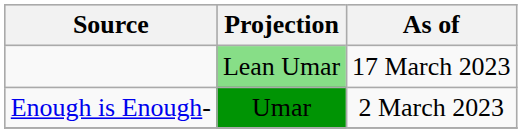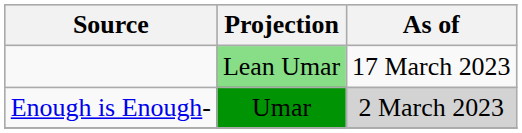 <table class="wikitable" style="text-align:center">
 <tr>
 <th>Source</th>
 <th colspan=2>Projection</th>
 <th>As of</th>
 </tr>
 <tr>
 <td align="left"></td>
 <td colspan=2 bgcolor=#87de87>Lean Umar</td>
 <td>17 March 2023</td>
 </tr>
 <tr>
 <td align="left"><a href='#'>Enough is Enough</a>-<br></td>
 <td colspan=2 bgcolor=#009404>Umar</td>
-<td>2 March 2023</td>
+<td style="background: lightgrey;">2 March 2023</td>
 </tr>
 <tr>
 </tr>
 </table>
